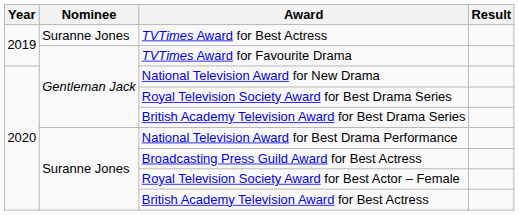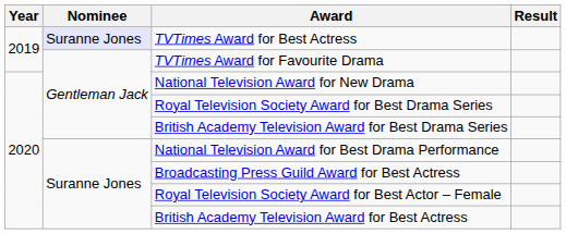 <table class="wikitable sortable">
 <tr>
 <th>Year</th>
 <th>Nominee</th>
 <th>Award</th>
 <th>Result</th>
 </tr>
 <tr>
 <td rowspan="2">2019</td>
-<td>Suranne Jones</td>
+<td style="background: lavender;">Suranne Jones</td>
 <td><a href='#'><em>TVTimes</em> Award</a> for Best Actress</td>
 <td></td>
 </tr>
 <tr>
 <td rowspan="4"><em>Gentleman Jack</em></td>
 <td><a href='#'><em>TVTimes</em> Award</a> for Favourite Drama</td>
 <td></td>
 </tr>
 <tr>
 <td rowspan="7">2020</td>
 <td><a href='#'>National Television Award</a> for New Drama</td>
 <td></td>
 </tr>
 <tr>
 <td><a href='#'>Royal Television Society Award</a> for Best Drama Series</td>
 <td></td>
 </tr>
 <tr>
 <td><a href='#'>British Academy Television Award</a> for Best Drama Series</td>
 <td></td>
 </tr>
 <tr>
 <td rowspan="4">Suranne Jones</td>
 <td><a href='#'>National Television Award</a> for Best Drama Performance</td>
 <td></td>
 </tr>
 <tr>
 <td><a href='#'>Broadcasting Press Guild Award</a> for Best Actress</td>
 <td></td>
 </tr>
 <tr>
 <td><a href='#'>Royal Television Society Award</a> for Best Actor – Female</td>
 <td></td>
 </tr>
 <tr>
 <td><a href='#'>British Academy Television Award</a> for Best Actress </td>
 <td></td>
 </tr>
 </table>
